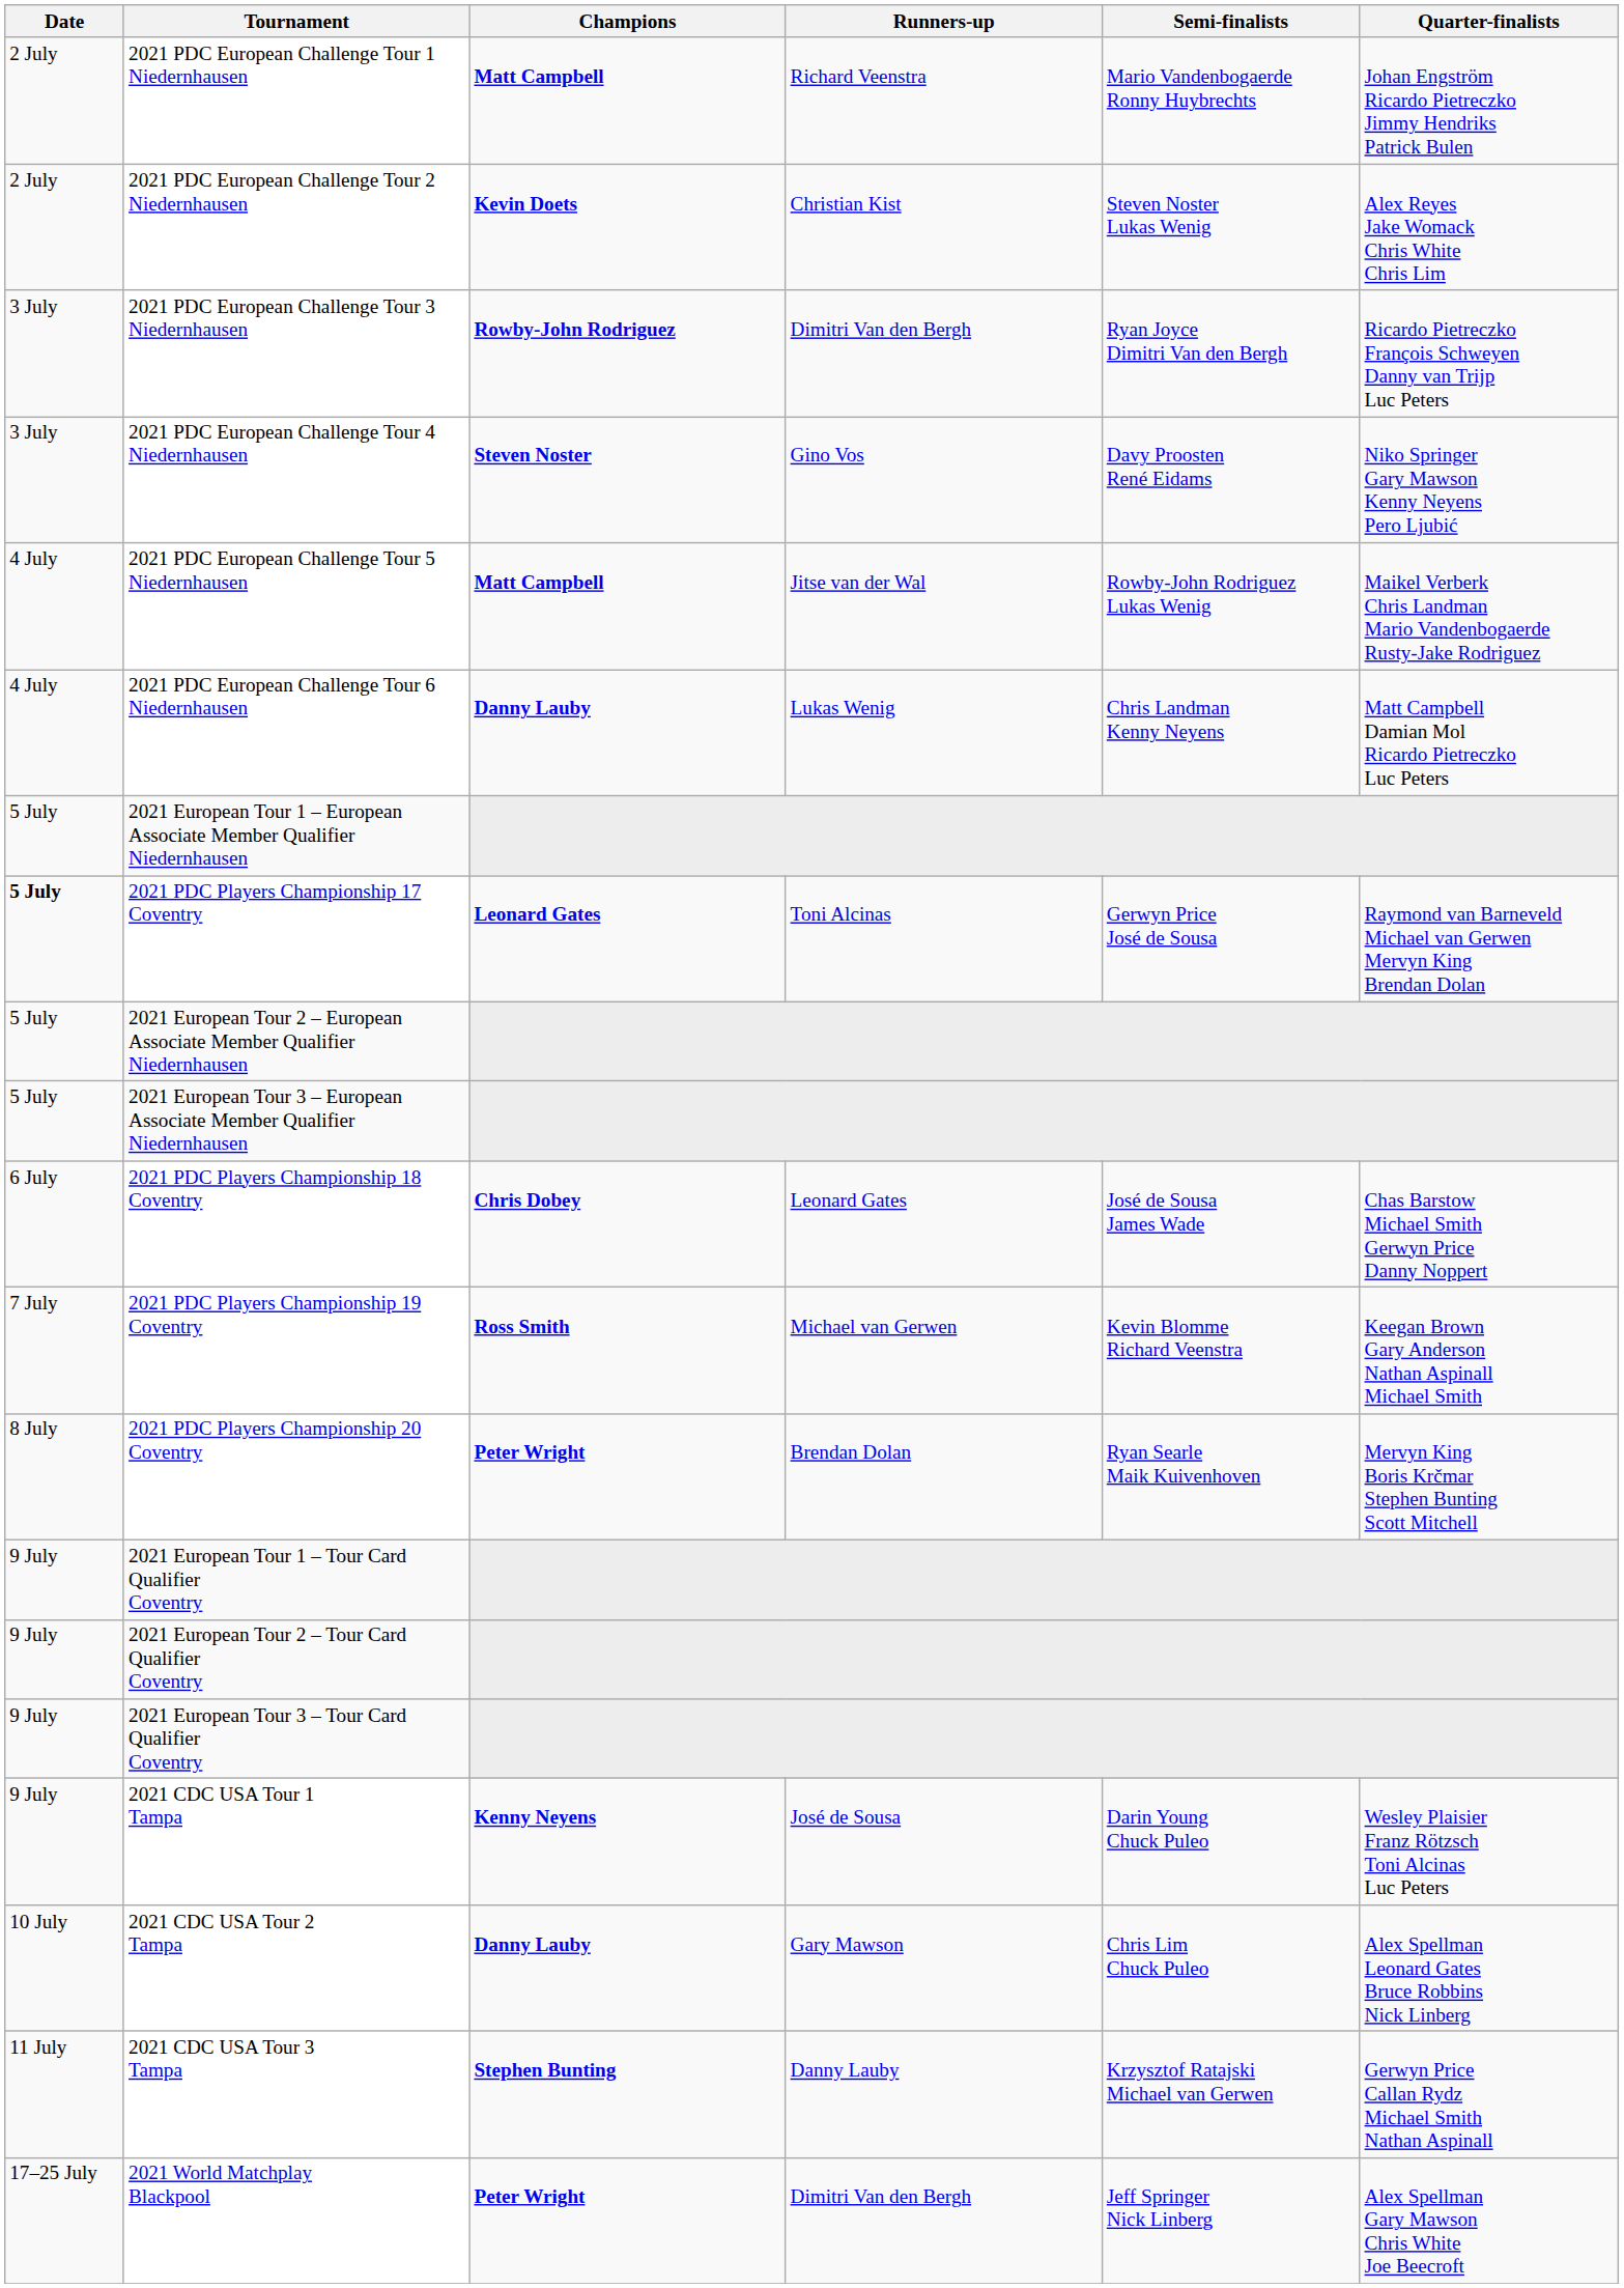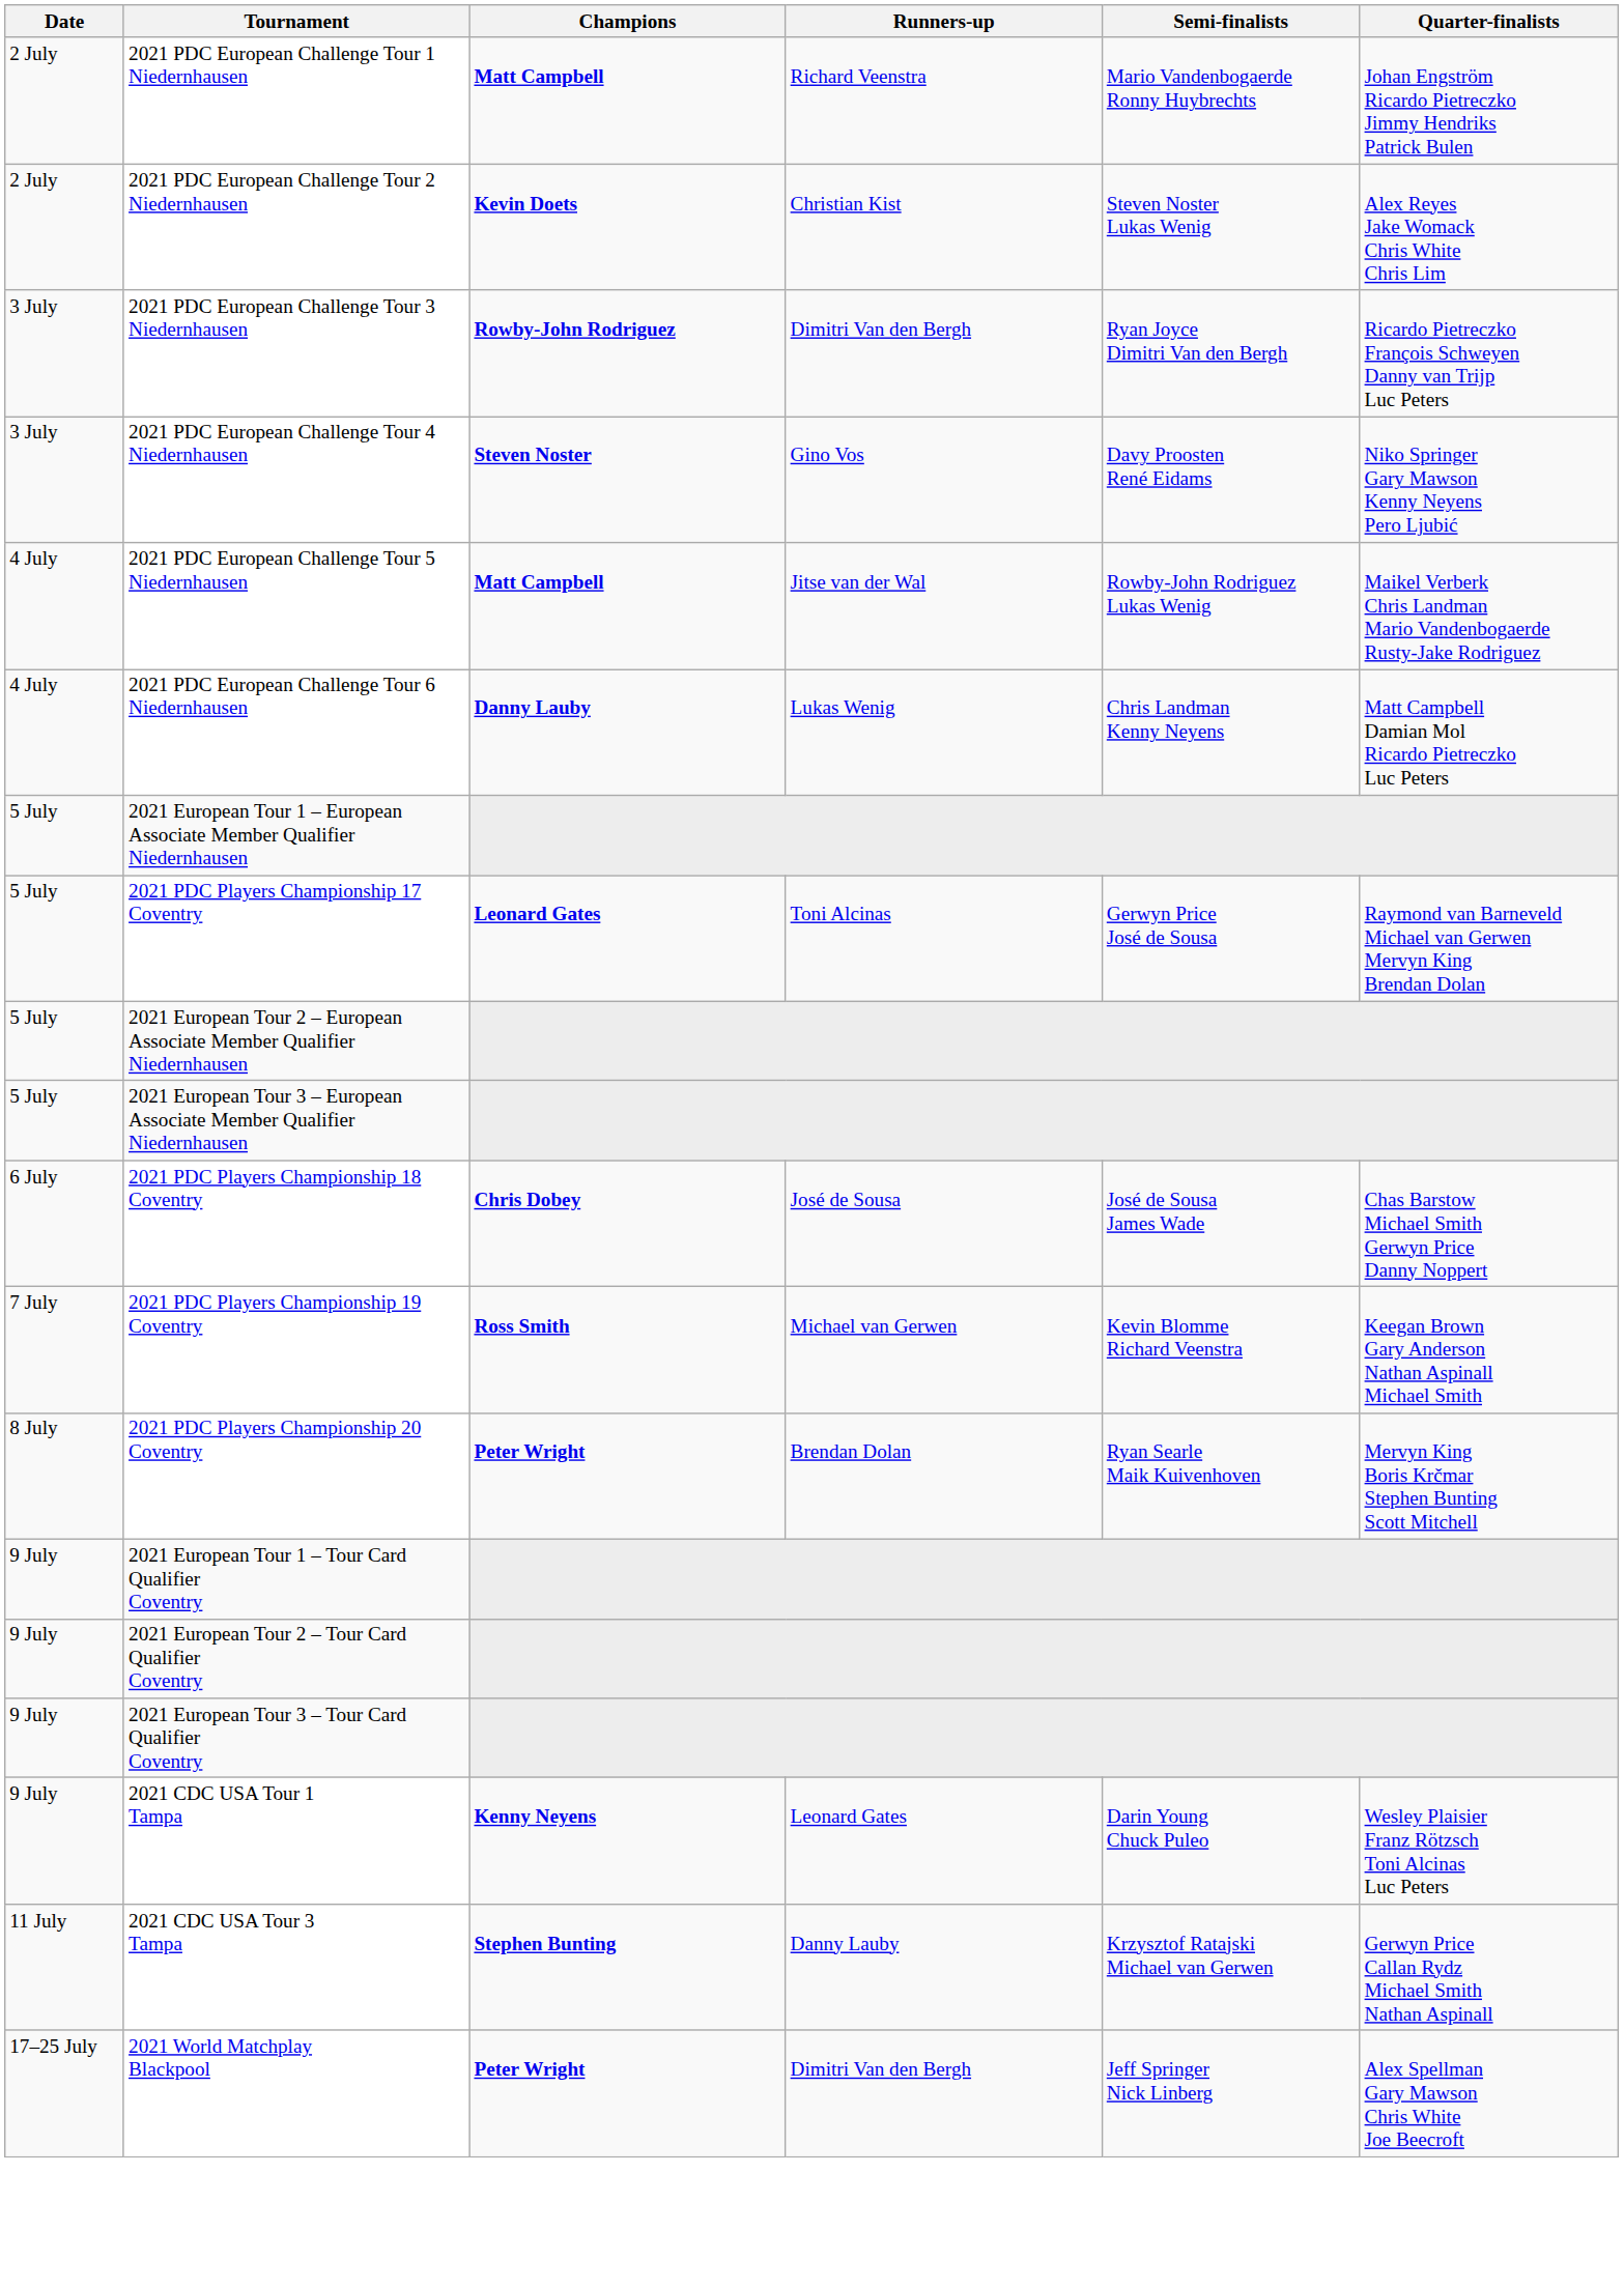 <table class=wikitable style=font-size:85%>
 <tr>
 <th width=75>Date</th>
 <th width=230>Tournament</th>
 <th width=210>Champions</th>
 <th width=210>Runners-up</th>
 <th width=170>Semi-finalists</th>
 <th width=170>Quarter-finalists</th>
 </tr>
 <tr valign="top">
 <td>2 July</td>
 <td bgcolor="#ffffff">2021 PDC European Challenge Tour 1<br> <a href='#'>Niedernhausen</a></td>
 <td><br> <strong><a href='#'>Matt Campbell</a></strong></td>
 <td><br> <a href='#'>Richard Veenstra</a></td>
 <td><br> <a href='#'>Mario Vandenbogaerde</a> <br>  <a href='#'>Ronny Huybrechts</a></td>
 <td><br> <a href='#'>Johan Engström</a> <br>  <a href='#'>Ricardo Pietreczko</a> <br>  <a href='#'>Jimmy Hendriks</a> <br>  <a href='#'>Patrick Bulen</a></td>
 </tr>
 <tr valign="top">
 <td>2 July</td>
 <td bgcolor="#ffffff">2021 PDC European Challenge Tour 2<br> <a href='#'>Niedernhausen</a></td>
 <td><br> <strong><a href='#'>Kevin Doets</a></strong></td>
 <td><br> <a href='#'>Christian Kist</a></td>
 <td><br> <a href='#'>Steven Noster</a> <br>  <a href='#'>Lukas Wenig</a></td>
 <td><br> <a href='#'>Alex Reyes</a> <br>  <a href='#'>Jake Womack</a> <br>  <a href='#'>Chris White</a> <br>  <a href='#'>Chris Lim</a></td>
 </tr>
 <tr valign="top">
 <td>3 July</td>
 <td bgcolor="#ffffff">2021 PDC European Challenge Tour 3<br> <a href='#'>Niedernhausen</a></td>
 <td><br> <strong><a href='#'>Rowby-John Rodriguez</a></strong></td>
 <td><br> <a href='#'>Dimitri Van den Bergh</a></td>
 <td><br> <a href='#'>Ryan Joyce</a> <br>  <a href='#'>Dimitri Van den Bergh</a></td>
 <td><br> <a href='#'>Ricardo Pietreczko</a> <br>  <a href='#'>François Schweyen</a> <br>  <a href='#'>Danny van Trijp</a> <br>  Luc Peters</td>
 </tr>
 <tr valign="top">
 <td>3 July</td>
 <td bgcolor="#ffffff">2021 PDC European Challenge Tour 4<br> <a href='#'>Niedernhausen</a></td>
 <td><br> <strong><a href='#'>Steven Noster</a></strong></td>
 <td><br> <a href='#'>Gino Vos</a></td>
 <td><br> <a href='#'>Davy Proosten</a> <br>  <a href='#'>René Eidams</a></td>
 <td><br> <a href='#'>Niko Springer</a> <br>  <a href='#'>Gary Mawson</a> <br>  <a href='#'>Kenny Neyens</a> <br>  <a href='#'>Pero Ljubić</a></td>
 </tr>
 <tr valign="top">
 <td>4 July</td>
 <td bgcolor="#ffffff">2021 PDC European Challenge Tour 5<br> <a href='#'>Niedernhausen</a></td>
 <td><br> <strong><a href='#'>Matt Campbell</a></strong></td>
 <td><br> <a href='#'>Jitse van der Wal</a></td>
 <td><br> <a href='#'>Rowby-John Rodriguez</a> <br>  <a href='#'>Lukas Wenig</a></td>
 <td><br> <a href='#'>Maikel Verberk</a> <br>  <a href='#'>Chris Landman</a> <br>  <a href='#'>Mario Vandenbogaerde</a> <br>  <a href='#'>Rusty-Jake Rodriguez</a></td>
 </tr>
 <tr valign="top">
 <td>4 July</td>
 <td bgcolor="#ffffff">2021 PDC European Challenge Tour 6<br> <a href='#'>Niedernhausen</a></td>
 <td><br> <strong><a href='#'>Danny Lauby</a></strong></td>
 <td><br> <a href='#'>Lukas Wenig</a></td>
 <td><br> <a href='#'>Chris Landman</a> <br>  <a href='#'>Kenny Neyens</a></td>
 <td><br> <a href='#'>Matt Campbell</a> <br>  Damian Mol <br>  <a href='#'>Ricardo Pietreczko</a> <br>  Luc Peters</td>
 </tr>
 <tr valign="top">
 <td rowspan=1>5 July</td>
 <td>2021 European Tour 1 – European Associate Member Qualifier <br> <a href='#'>Niedernhausen</a></td>
 <td colspan=4 bgcolor="#ededed"></td>
 </tr>
 <tr valign="top">
-<td><strong>5 July</strong></td>
+<td>5 July</td>
 <td bgcolor="#ffffff"><a href='#'>2021 PDC Players Championship 17</a><br> <a href='#'>Coventry</a></td>
 <td><br> <strong><a href='#'>Leonard Gates</a></strong></td>
 <td><br> <a href='#'>Toni Alcinas</a></td>
 <td><br> <a href='#'>Gerwyn Price</a> <br>  <a href='#'>José de Sousa</a></td>
 <td><br> <a href='#'>Raymond van Barneveld</a> <br>  <a href='#'>Michael van Gerwen</a> <br>  <a href='#'>Mervyn King</a> <br>  <a href='#'>Brendan Dolan</a></td>
 </tr>
 <tr valign="top">
 <td rowspan=1>5 July</td>
 <td>2021 European Tour 2 – European Associate Member Qualifier <br> <a href='#'>Niedernhausen</a></td>
 <td colspan=4 bgcolor="#ededed"></td>
 </tr>
 <tr valign="top">
 <td rowspan=1>5 July</td>
 <td>2021 European Tour 3 – European Associate Member Qualifier <br> <a href='#'>Niedernhausen</a></td>
 <td colspan=4 bgcolor="#ededed"></td>
 </tr>
 <tr valign="top">
 <td>6 July</td>
 <td bgcolor="#ffffff"><a href='#'>2021 PDC Players Championship 18</a><br> <a href='#'>Coventry</a></td>
 <td><br> <strong><a href='#'>Chris Dobey</a></strong></td>
-<td><br> <a href='#'>Leonard Gates</a></td>
+<td><br> <a href='#'>José de Sousa</a></td>
 <td><br> <a href='#'>José de Sousa</a> <br>  <a href='#'>James Wade</a></td>
 <td><br> <a href='#'>Chas Barstow</a> <br>  <a href='#'>Michael Smith</a> <br>  <a href='#'>Gerwyn Price</a> <br>  <a href='#'>Danny Noppert</a></td>
 </tr>
 <tr valign="top">
 <td>7 July</td>
 <td bgcolor="#ffffff"><a href='#'>2021 PDC Players Championship 19</a><br> <a href='#'>Coventry</a></td>
 <td><br> <strong><a href='#'>Ross Smith</a></strong></td>
 <td><br> <a href='#'>Michael van Gerwen</a></td>
 <td><br> <a href='#'>Kevin Blomme</a> <br>  <a href='#'>Richard Veenstra</a></td>
 <td><br> <a href='#'>Keegan Brown</a> <br>  <a href='#'>Gary Anderson</a> <br>  <a href='#'>Nathan Aspinall</a> <br>  <a href='#'>Michael Smith</a></td>
 </tr>
 <tr valign="top">
 <td>8 July</td>
 <td bgcolor="#ffffff"><a href='#'>2021 PDC Players Championship 20</a><br> <a href='#'>Coventry</a></td>
 <td><br> <strong><a href='#'>Peter Wright</a></strong></td>
 <td><br> <a href='#'>Brendan Dolan</a></td>
 <td><br> <a href='#'>Ryan Searle</a> <br>  <a href='#'>Maik Kuivenhoven</a></td>
 <td><br> <a href='#'>Mervyn King</a> <br>  <a href='#'>Boris Krčmar</a> <br>  <a href='#'>Stephen Bunting</a> <br>  <a href='#'>Scott Mitchell</a></td>
 </tr>
 <tr valign="top">
 <td rowspan=1>9 July</td>
 <td>2021 European Tour 1 – Tour Card Qualifier <br> <a href='#'>Coventry</a></td>
 <td colspan=4 bgcolor="#ededed"></td>
 </tr>
 <tr valign="top">
 <td rowspan=1>9 July</td>
 <td>2021 European Tour 2 – Tour Card Qualifier <br> <a href='#'>Coventry</a></td>
 <td colspan=4 bgcolor="#ededed"></td>
 </tr>
 <tr valign="top">
 <td rowspan=1>9 July</td>
 <td>2021 European Tour 3 – Tour Card Qualifier <br> <a href='#'>Coventry</a></td>
 <td colspan=4 bgcolor="#ededed"></td>
 </tr>
 <tr valign="top">
 <td>9 July</td>
 <td bgcolor="#ffffff">2021 CDC USA Tour 1<br> <a href='#'>Tampa</a></td>
 <td><br> <strong><a href='#'>Kenny Neyens</a></strong></td>
-<td><br> <a href='#'>José de Sousa</a></td>
+<td><br> <a href='#'>Leonard Gates</a></td>
 <td><br> <a href='#'>Darin Young</a> <br>  <a href='#'>Chuck Puleo</a></td>
 <td><br> <a href='#'>Wesley Plaisier</a> <br>  <a href='#'>Franz Rötzsch</a> <br>  <a href='#'>Toni Alcinas</a> <br>  Luc Peters</td>
-</tr>
-<tr valign="top">
-<td>10 July</td>
-<td bgcolor="#ffffff">2021 CDC USA Tour 2<br> <a href='#'>Tampa</a></td>
-<td><br> <strong><a href='#'>Danny Lauby</a></strong></td>
-<td><br> <a href='#'>Gary Mawson</a></td>
-<td><br> <a href='#'>Chris Lim</a> <br>  <a href='#'>Chuck Puleo</a></td>
-<td><br> <a href='#'>Alex Spellman</a> <br>  <a href='#'>Leonard Gates</a> <br>  <a href='#'>Bruce Robbins</a> <br>  <a href='#'>Nick Linberg</a></td>
 </tr>
 <tr valign="top">
 <td>11 July</td>
 <td bgcolor="#ffffff">2021 CDC USA Tour 3<br> <a href='#'>Tampa</a></td>
 <td><br> <strong><a href='#'>Stephen Bunting</a></strong></td>
 <td><br> <a href='#'>Danny Lauby</a></td>
 <td><br> <a href='#'>Krzysztof Ratajski</a> <br>  <a href='#'>Michael van Gerwen</a></td>
 <td><br> <a href='#'>Gerwyn Price</a> <br>  <a href='#'>Callan Rydz</a> <br>  <a href='#'>Michael Smith</a> <br>  <a href='#'>Nathan Aspinall</a></td>
 </tr>
 <tr valign="top">
 <td>17–25 July</td>
 <td bgcolor="#ffffff"><a href='#'>2021 World Matchplay</a><br> <a href='#'>Blackpool</a></td>
 <td><br> <strong><a href='#'>Peter Wright</a></strong></td>
 <td><br> <a href='#'>Dimitri Van den Bergh</a></td>
 <td><br> <a href='#'>Jeff Springer</a> <br>  <a href='#'>Nick Linberg</a></td>
 <td><br> <a href='#'>Alex Spellman</a> <br>  <a href='#'>Gary Mawson</a> <br>  <a href='#'>Chris White</a> <br>  <a href='#'>Joe Beecroft</a></td>
 </tr>
 </table>
